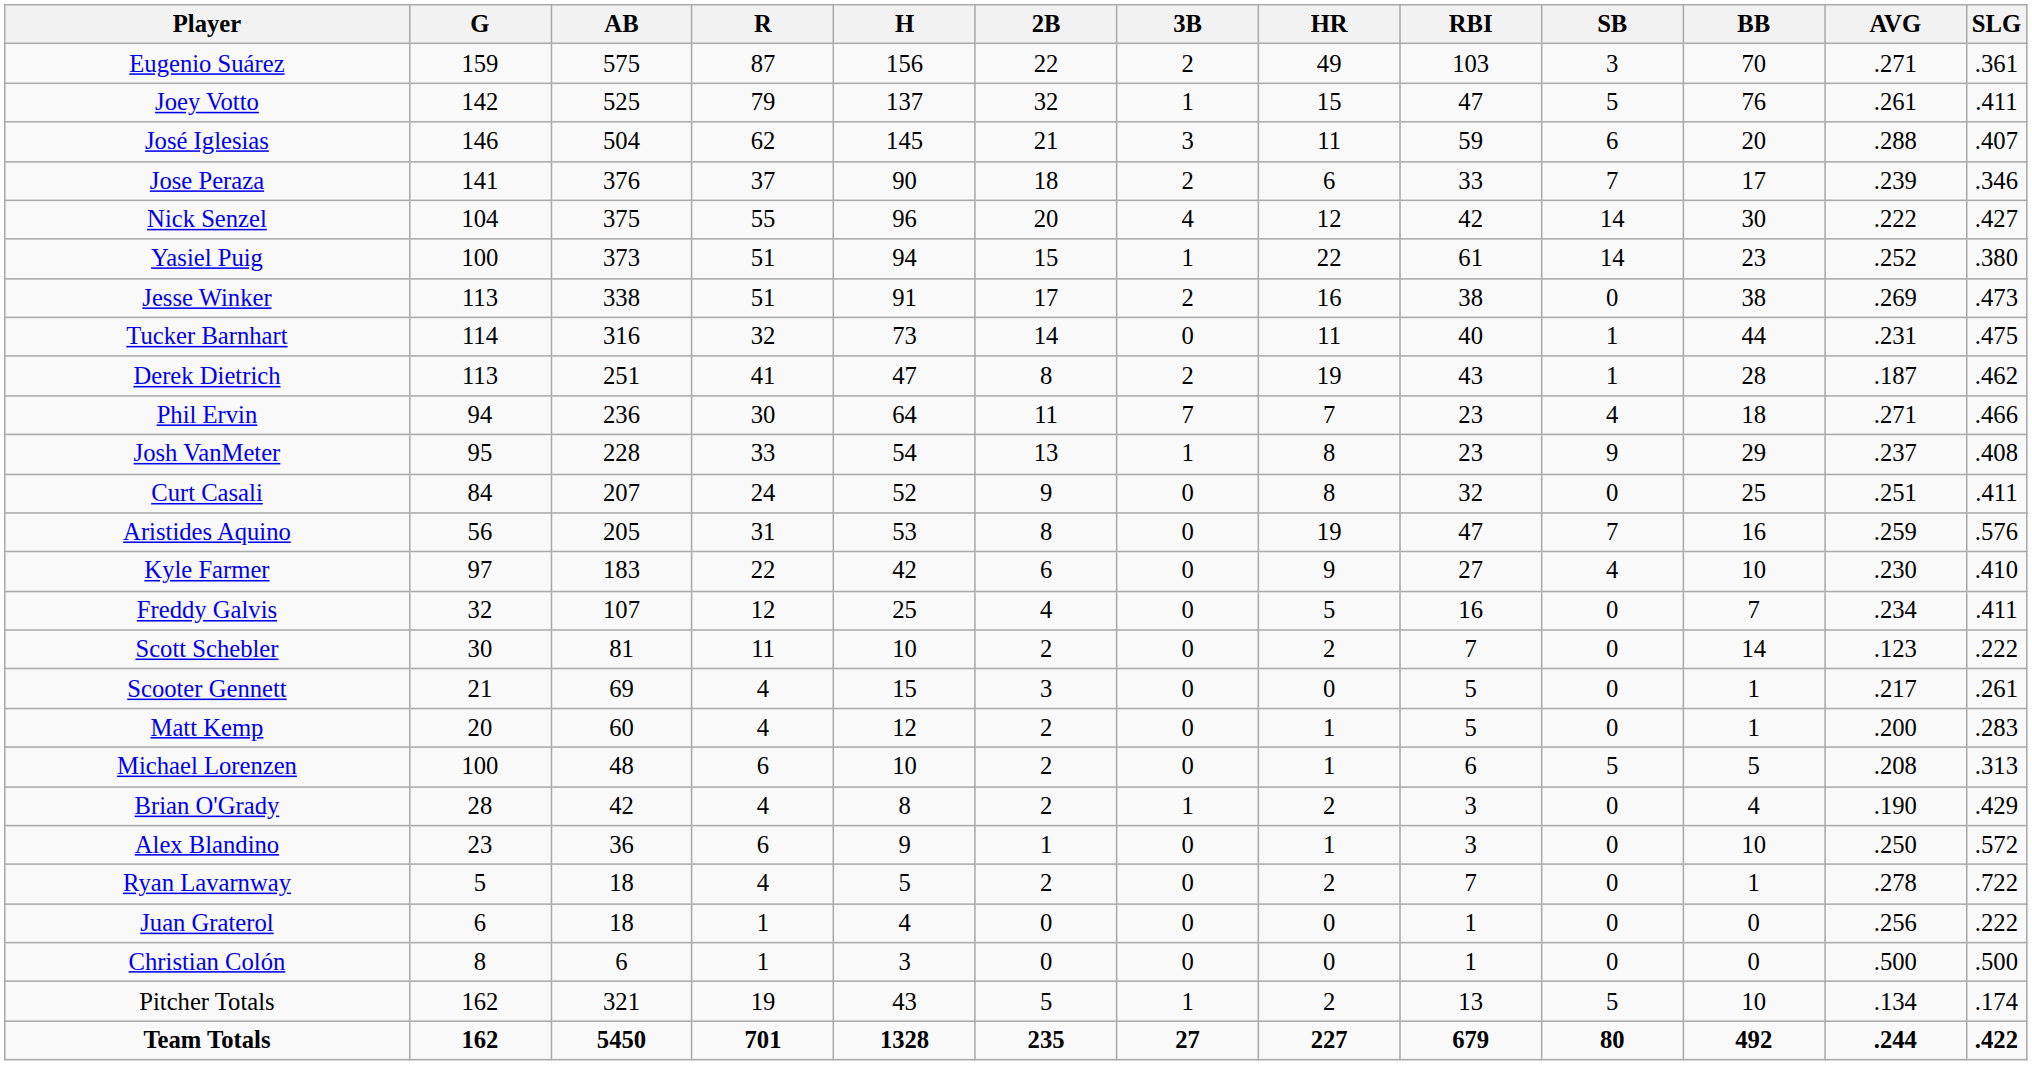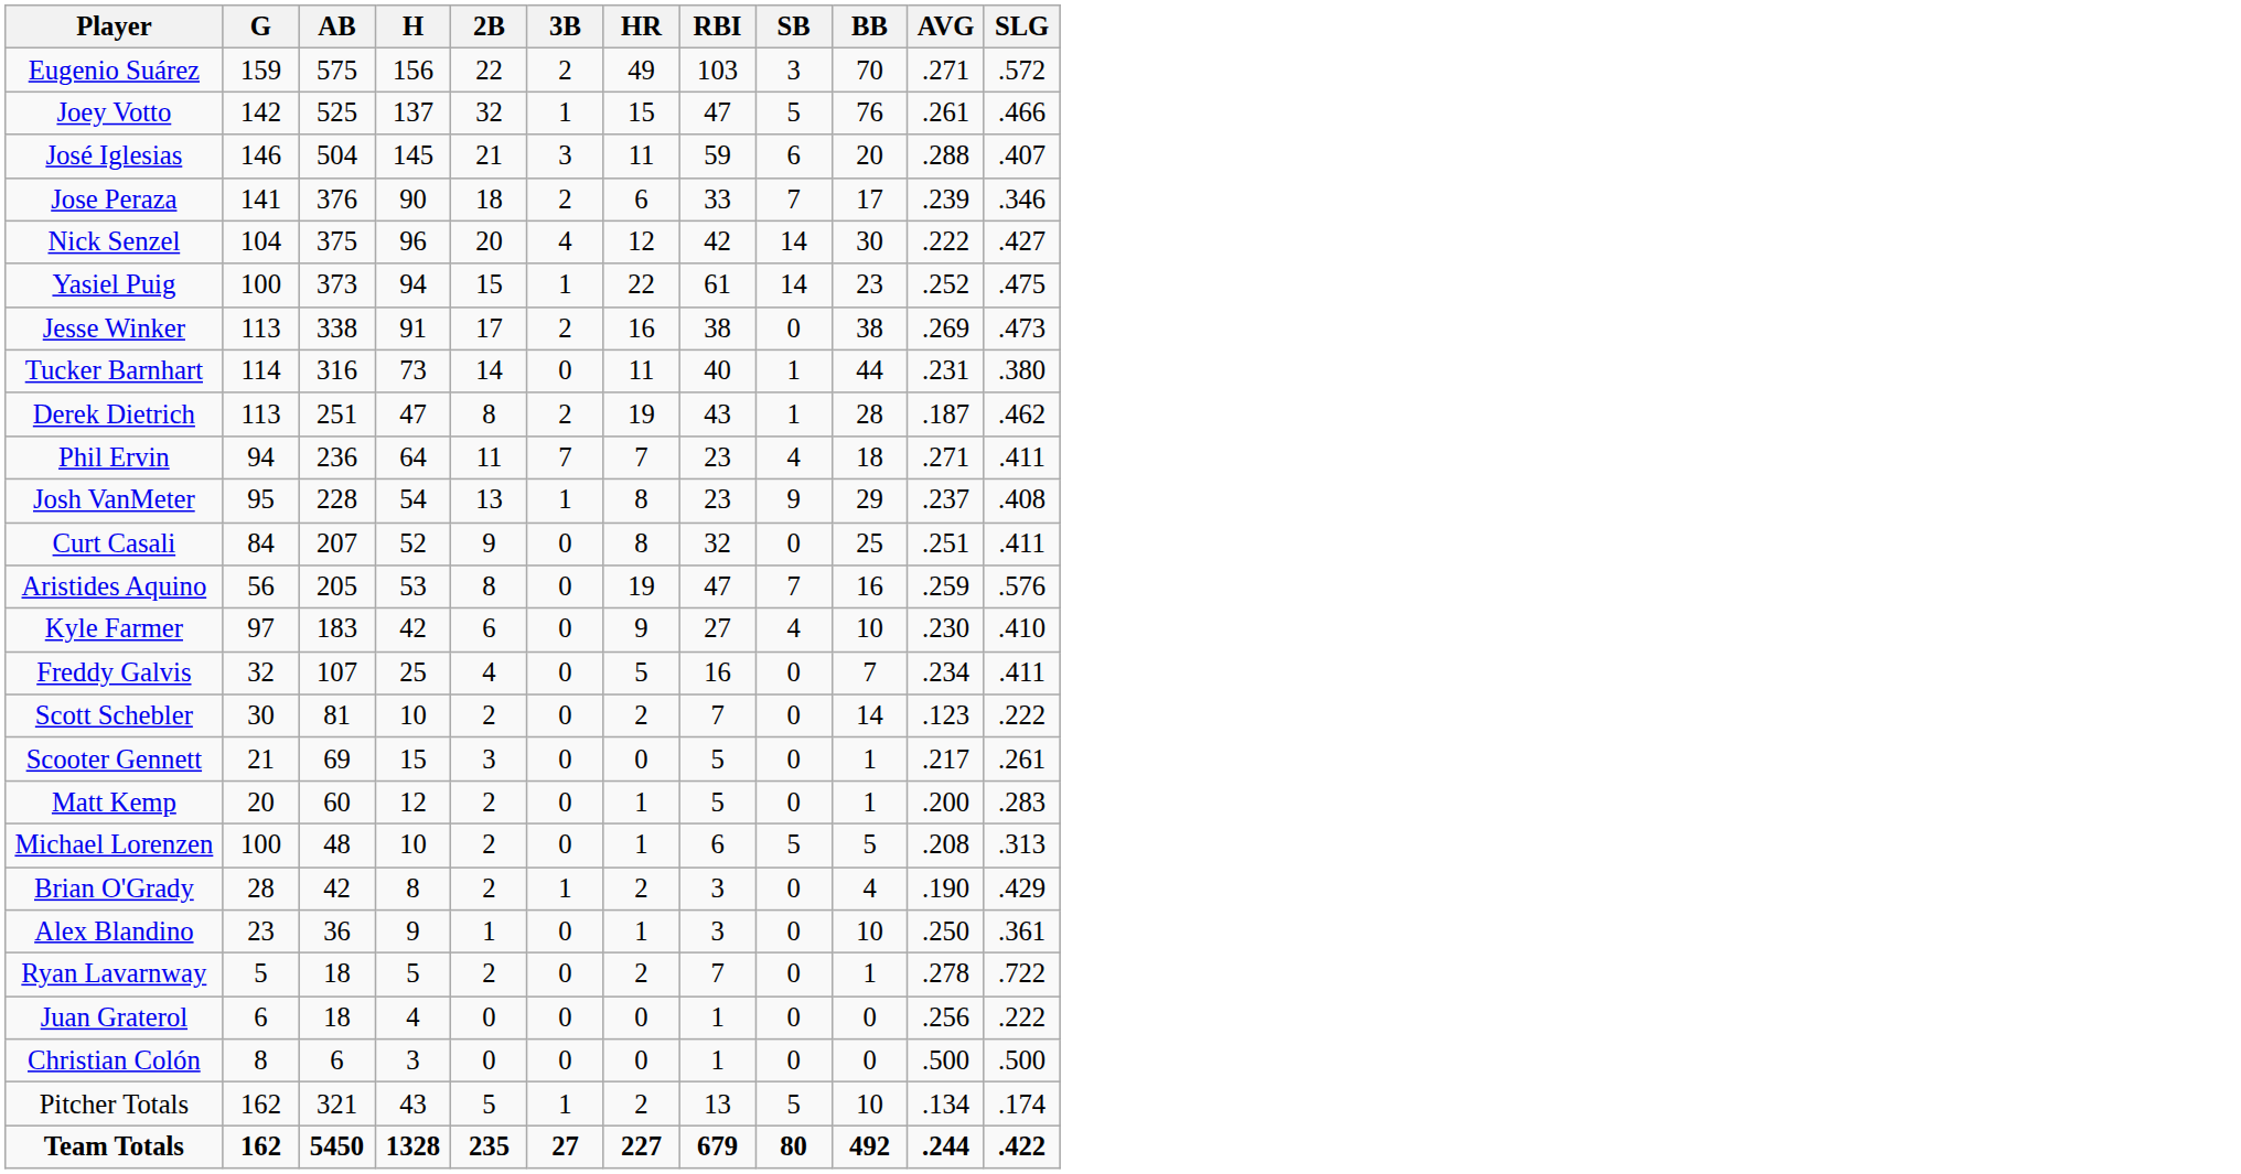 <table class=wikitable style="text-align:center">
 <tr>
 <th bgcolor=#DDDDFF; width="20%">Player</th>
 <th bgcolor=#DDDDFF; width="7%">G</th>
 <th bgcolor=#DDDDFF; width="7%">AB</th>
-<th bgcolor=#DDDDFF; width="7%">R</th>
 <th bgcolor=#DDDDFF; width="7%">H</th>
 <th bgcolor=#DDDDFF; width="7%">2B</th>
 <th bgcolor=#DDDDFF; width="7%">3B</th>
 <th bgcolor=#DDDDFF; width="7%">HR</th>
 <th bgcolor=#DDDDFF; width="7%">RBI</th>
 <th bgcolor=#DDDDFF; width="7%">SB</th>
 <th bgcolor=#DDDDFF; width="7%">BB</th>
 <th bgcolor=#DDDDFF; width="7%">AVG</th>
 <th bgcolor=#DDDDFF; width="7%'">SLG</th>
 </tr>
 <tr>
 <td><a href='#'>Eugenio Suárez</a></td>
 <td>159</td>
 <td>575</td>
-<td>87</td>
 <td>156</td>
 <td>22</td>
 <td>2</td>
 <td>49</td>
 <td>103</td>
 <td>3</td>
 <td>70</td>
 <td>.271</td>
-<td>.361</td>
+<td>.572</td>
 </tr>
 <tr>
 <td><a href='#'>Joey Votto</a></td>
 <td>142</td>
 <td>525</td>
-<td>79</td>
 <td>137</td>
 <td>32</td>
 <td>1</td>
 <td>15</td>
 <td>47</td>
 <td>5</td>
 <td>76</td>
 <td>.261</td>
-<td>.411</td>
+<td>.466</td>
 </tr>
 <tr>
 <td><a href='#'>José Iglesias</a></td>
 <td>146</td>
 <td>504</td>
-<td>62</td>
 <td>145</td>
 <td>21</td>
 <td>3</td>
 <td>11</td>
 <td>59</td>
 <td>6</td>
 <td>20</td>
 <td>.288</td>
 <td>.407</td>
 </tr>
 <tr>
 <td><a href='#'>Jose Peraza</a></td>
 <td>141</td>
 <td>376</td>
-<td>37</td>
 <td>90</td>
 <td>18</td>
 <td>2</td>
 <td>6</td>
 <td>33</td>
 <td>7</td>
 <td>17</td>
 <td>.239</td>
 <td>.346</td>
 </tr>
 <tr>
 <td><a href='#'>Nick Senzel</a></td>
 <td>104</td>
 <td>375</td>
-<td>55</td>
 <td>96</td>
 <td>20</td>
 <td>4</td>
 <td>12</td>
 <td>42</td>
 <td>14</td>
 <td>30</td>
 <td>.222</td>
 <td>.427</td>
 </tr>
 <tr>
 <td><a href='#'>Yasiel Puig</a></td>
 <td>100</td>
 <td>373</td>
-<td>51</td>
 <td>94</td>
 <td>15</td>
 <td>1</td>
 <td>22</td>
 <td>61</td>
 <td>14</td>
 <td>23</td>
 <td>.252</td>
-<td>.380</td>
+<td>.475</td>
 </tr>
 <tr>
 <td><a href='#'>Jesse Winker</a></td>
 <td>113</td>
 <td>338</td>
-<td>51</td>
 <td>91</td>
 <td>17</td>
 <td>2</td>
 <td>16</td>
 <td>38</td>
 <td>0</td>
 <td>38</td>
 <td>.269</td>
 <td>.473</td>
 </tr>
 <tr>
 <td><a href='#'>Tucker Barnhart</a></td>
 <td>114</td>
 <td>316</td>
-<td>32</td>
 <td>73</td>
 <td>14</td>
 <td>0</td>
 <td>11</td>
 <td>40</td>
 <td>1</td>
 <td>44</td>
 <td>.231</td>
-<td>.475</td>
+<td>.380</td>
 </tr>
 <tr>
 <td><a href='#'>Derek Dietrich</a></td>
 <td>113</td>
 <td>251</td>
-<td>41</td>
 <td>47</td>
 <td>8</td>
 <td>2</td>
 <td>19</td>
 <td>43</td>
 <td>1</td>
 <td>28</td>
 <td>.187</td>
 <td>.462</td>
 </tr>
 <tr>
 <td><a href='#'>Phil Ervin</a></td>
 <td>94</td>
 <td>236</td>
-<td>30</td>
 <td>64</td>
 <td>11</td>
 <td>7</td>
 <td>7</td>
 <td>23</td>
 <td>4</td>
 <td>18</td>
 <td>.271</td>
-<td>.466</td>
+<td>.411</td>
 </tr>
 <tr>
 <td><a href='#'>Josh VanMeter</a></td>
 <td>95</td>
 <td>228</td>
-<td>33</td>
 <td>54</td>
 <td>13</td>
 <td>1</td>
 <td>8</td>
 <td>23</td>
 <td>9</td>
 <td>29</td>
 <td>.237</td>
 <td>.408</td>
 </tr>
 <tr>
 <td><a href='#'>Curt Casali</a></td>
 <td>84</td>
 <td>207</td>
-<td>24</td>
 <td>52</td>
 <td>9</td>
 <td>0</td>
 <td>8</td>
 <td>32</td>
 <td>0</td>
 <td>25</td>
 <td>.251</td>
 <td>.411</td>
 </tr>
 <tr>
 <td><a href='#'>Aristides Aquino</a></td>
 <td>56</td>
 <td>205</td>
-<td>31</td>
 <td>53</td>
 <td>8</td>
 <td>0</td>
 <td>19</td>
 <td>47</td>
 <td>7</td>
 <td>16</td>
 <td>.259</td>
 <td>.576</td>
 </tr>
 <tr>
 <td><a href='#'>Kyle Farmer</a></td>
 <td>97</td>
 <td>183</td>
-<td>22</td>
 <td>42</td>
 <td>6</td>
 <td>0</td>
 <td>9</td>
 <td>27</td>
 <td>4</td>
 <td>10</td>
 <td>.230</td>
 <td>.410</td>
 </tr>
 <tr>
 <td><a href='#'>Freddy Galvis</a></td>
 <td>32</td>
 <td>107</td>
-<td>12</td>
 <td>25</td>
 <td>4</td>
 <td>0</td>
 <td>5</td>
 <td>16</td>
 <td>0</td>
 <td>7</td>
 <td>.234</td>
 <td>.411</td>
 </tr>
 <tr>
 <td><a href='#'>Scott Schebler</a></td>
 <td>30</td>
 <td>81</td>
-<td>11</td>
 <td>10</td>
 <td>2</td>
 <td>0</td>
 <td>2</td>
 <td>7</td>
 <td>0</td>
 <td>14</td>
 <td>.123</td>
 <td>.222</td>
 </tr>
 <tr>
 <td><a href='#'>Scooter Gennett</a></td>
 <td>21</td>
 <td>69</td>
-<td>4</td>
 <td>15</td>
 <td>3</td>
 <td>0</td>
 <td>0</td>
 <td>5</td>
 <td>0</td>
 <td>1</td>
 <td>.217</td>
 <td>.261</td>
 </tr>
 <tr>
 <td><a href='#'>Matt Kemp</a></td>
 <td>20</td>
 <td>60</td>
-<td>4</td>
 <td>12</td>
 <td>2</td>
 <td>0</td>
 <td>1</td>
 <td>5</td>
 <td>0</td>
 <td>1</td>
 <td>.200</td>
 <td>.283</td>
 </tr>
 <tr>
 <td><a href='#'>Michael Lorenzen</a></td>
 <td>100</td>
 <td>48</td>
-<td>6</td>
 <td>10</td>
 <td>2</td>
 <td>0</td>
 <td>1</td>
 <td>6</td>
 <td>5</td>
 <td>5</td>
 <td>.208</td>
 <td>.313</td>
 </tr>
 <tr>
 <td><a href='#'>Brian O'Grady</a></td>
 <td>28</td>
 <td>42</td>
-<td>4</td>
 <td>8</td>
 <td>2</td>
 <td>1</td>
 <td>2</td>
 <td>3</td>
 <td>0</td>
 <td>4</td>
 <td>.190</td>
 <td>.429</td>
 </tr>
 <tr>
 <td><a href='#'>Alex Blandino</a></td>
 <td>23</td>
 <td>36</td>
-<td>6</td>
 <td>9</td>
 <td>1</td>
 <td>0</td>
 <td>1</td>
 <td>3</td>
 <td>0</td>
 <td>10</td>
 <td>.250</td>
-<td>.572</td>
+<td>.361</td>
 </tr>
 <tr>
 <td><a href='#'>Ryan Lavarnway</a></td>
 <td>5</td>
 <td>18</td>
-<td>4</td>
 <td>5</td>
 <td>2</td>
 <td>0</td>
 <td>2</td>
 <td>7</td>
 <td>0</td>
 <td>1</td>
 <td>.278</td>
 <td>.722</td>
 </tr>
 <tr>
 <td><a href='#'>Juan Graterol</a></td>
 <td>6</td>
 <td>18</td>
-<td>1</td>
 <td>4</td>
 <td>0</td>
 <td>0</td>
 <td>0</td>
 <td>1</td>
 <td>0</td>
 <td>0</td>
 <td>.256</td>
 <td>.222</td>
 </tr>
 <tr>
 <td><a href='#'>Christian Colón</a></td>
 <td>8</td>
 <td>6</td>
-<td>1</td>
 <td>3</td>
 <td>0</td>
 <td>0</td>
 <td>0</td>
 <td>1</td>
 <td>0</td>
 <td>0</td>
 <td>.500</td>
 <td>.500</td>
 </tr>
 <tr>
 <td>Pitcher Totals</td>
 <td>162</td>
 <td>321</td>
-<td>19</td>
 <td>43</td>
 <td>5</td>
 <td>1</td>
 <td>2</td>
 <td>13</td>
 <td>5</td>
 <td>10</td>
 <td>.134</td>
 <td>.174</td>
 </tr>
 <tr>
 <td><strong>Team Totals</strong></td>
 <td><strong>162</strong></td>
 <td><strong>5450</strong></td>
-<td><strong>701</strong></td>
 <td><strong>1328</strong></td>
 <td><strong>235</strong></td>
 <td><strong>27</strong></td>
 <td><strong>227</strong></td>
 <td><strong>679</strong></td>
 <td><strong>80</strong></td>
 <td><strong>492</strong></td>
 <td><strong>.244</strong></td>
 <td><strong>.422</strong></td>
 </tr>
 </table>
